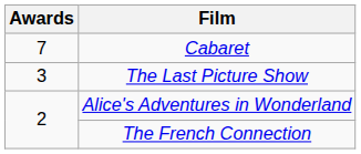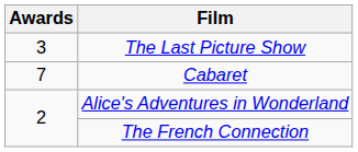 <table class="wikitable" style="text-align:center;">
 <tr>
 <th style="background:">Awards</th>
 <th style="background:">Film</th>
 </tr>
 <tr>
+<td>3</td>
+<td><em><a href='#'>The Last Picture Show</a></em></td>
+</tr>
+<tr>
 <td>7</td>
 <td><em><a href='#'>Cabaret</a></em></td>
-</tr>
-<tr>
-<td>3</td>
-<td><em><a href='#'>The Last Picture Show</a></em></td>
 </tr>
 <tr>
 <td rowspan="2">2</td>
 <td><em><a href='#'>Alice's Adventures in Wonderland</a></em></td>
 </tr>
 <tr>
 <td><em><a href='#'>The French Connection</a></em></td>
 </tr>
 </table>
